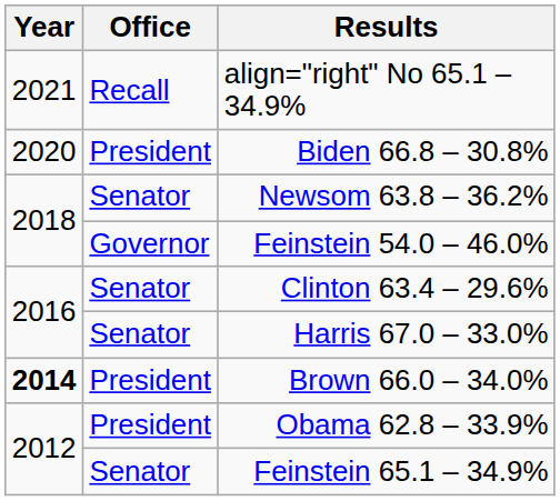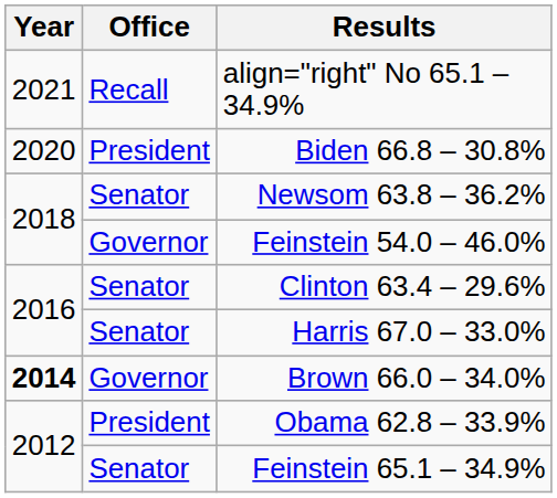 <table class=wikitable>
 <tr>
 <th width="30">Year</th>
 <th width="60">Office</th>
 <th width="180">Results</th>
 </tr>
 <tr>
 <td>2021</td>
 <td><a href='#'>Recall</a></td>
 <td>align="right"  No 65.1 – 34.9%</td>
 </tr>
 <tr>
 <td rowspan="1">2020</td>
 <td><a href='#'>President</a></td>
 <td align="right" ><a href='#'>Biden</a> 66.8 – 30.8%</td>
 </tr>
 <tr>
 <td rowspan="2">2018</td>
 <td><a href='#'>Senator</a></td>
 <td align="right" ><a href='#'>Newsom</a> 63.8 – 36.2%</td>
 </tr>
 <tr>
 <td><a href='#'>Governor</a></td>
 <td align="right" ><a href='#'>Feinstein</a> 54.0 – 46.0%</td>
 </tr>
 <tr>
 <td rowspan="2">2016</td>
 <td><a href='#'>Senator</a></td>
 <td align="right" ><a href='#'>Clinton</a> 63.4 – 29.6%</td>
 </tr>
 <tr>
 <td><a href='#'>Senator</a></td>
 <td align="right" ><a href='#'>Harris</a> 67.0 – 33.0%</td>
 </tr>
 <tr>
 <td><strong>2014</strong></td>
-<td><a href='#'>President</a></td>
+<td><a href='#'>Governor</a></td>
 <td align="right" ><a href='#'>Brown</a> 66.0 – 34.0%</td>
 </tr>
 <tr>
 <td rowspan="2">2012</td>
 <td><a href='#'>President</a></td>
 <td align="right" ><a href='#'>Obama</a> 62.8 – 33.9%</td>
 </tr>
 <tr>
 <td><a href='#'>Senator</a></td>
 <td align="right" ><a href='#'>Feinstein</a> 65.1 – 34.9%</td>
 </tr>
 </table>
